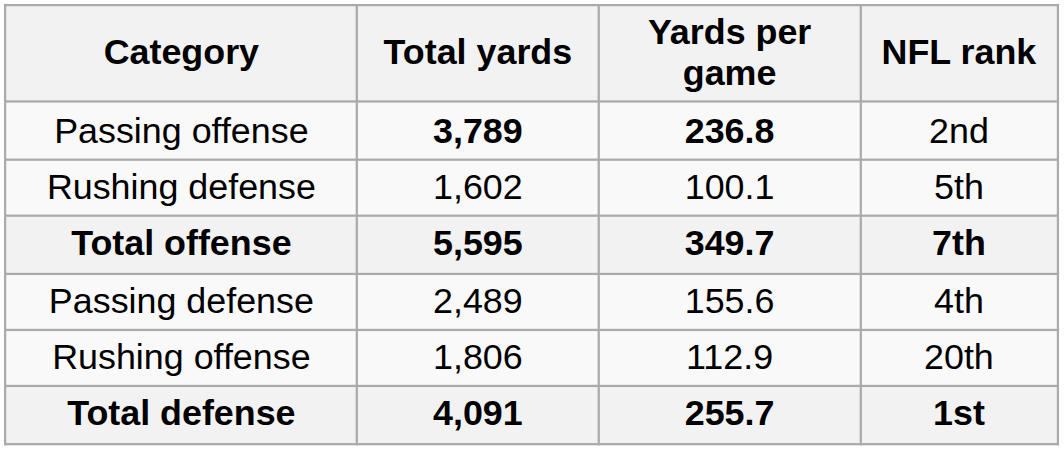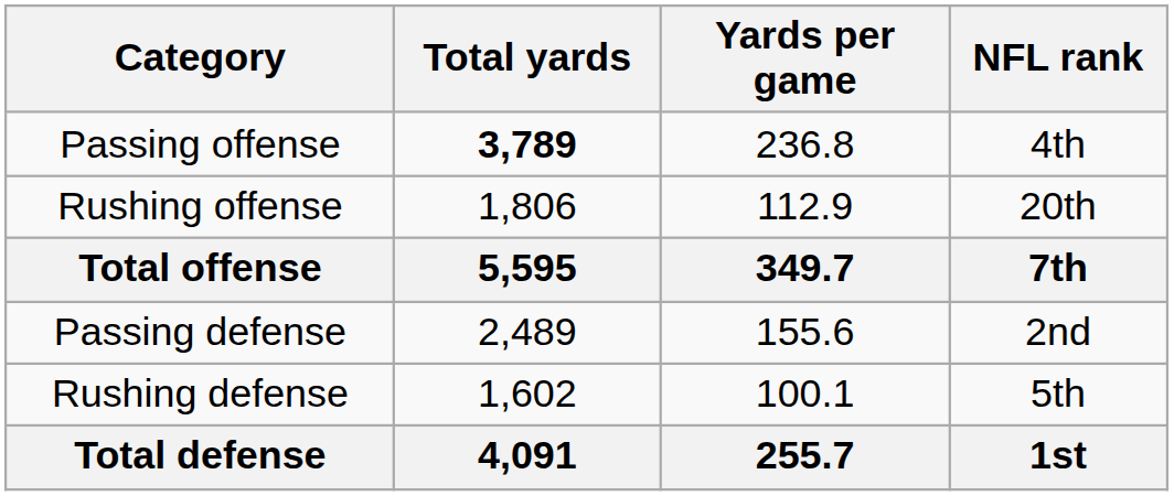 <table class="wikitable" style="text-align:center">
 <tr>
 <th width=150px>Category</th>
 <th width=100px>Total yards</th>
 <th width=110px>Yards per game</th>
 <th width=80px>NFL rank<br></th>
 </tr>
 <tr>
 <td>Passing offense</td>
 <td><strong>3,789</strong></td>
-<td><strong>236.8</strong></td>
-<td>2nd</td>
+<td>236.8</td>
+<td>4th</td>
 </tr>
 <tr>
-<td>Rushing defense</td>
-<td>1,602</td>
-<td>100.1</td>
-<td>5th</td>
+<td>Rushing offense</td>
+<td>1,806</td>
+<td>112.9</td>
+<td>20th</td>
 </tr>
 <tr>
 <th>Total offense</th>
 <th>5,595</th>
 <th>349.7</th>
 <th>7th</th>
 </tr>
 <tr>
 <td>Passing defense</td>
 <td>2,489</td>
 <td>155.6</td>
-<td>4th</td>
+<td>2nd</td>
 </tr>
 <tr>
-<td>Rushing offense</td>
-<td>1,806</td>
-<td>112.9</td>
-<td>20th</td>
+<td>Rushing defense</td>
+<td>1,602</td>
+<td>100.1</td>
+<td>5th</td>
 </tr>
 <tr>
 <th>Total defense</th>
 <th>4,091</th>
 <th>255.7</th>
 <th>1st</th>
 </tr>
 </table>
